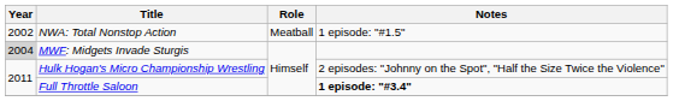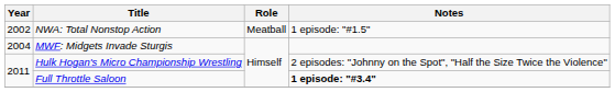 <table class="wikitable" style="font-size: 90%;">
 <tr>
 <th>Year</th>
 <th>Title</th>
 <th>Role</th>
 <th>Notes</th>
 </tr>
 <tr>
 <td rowspan="1">2002</td>
 <td><em>NWA: Total Nonstop Action</em></td>
 <td>Meatball</td>
 <td>1 episode: "#1.5"</td>
 </tr>
 <tr>
-<td rowspan="1" style="background: lightgrey;">2004</td>
+<td rowspan="1">2004</td>
 <td><em><a href='#'>MWF</a>: Midgets Invade Sturgis</em></td>
 <td rowspan="3">Himself</td>
 <td></td>
 </tr>
 <tr>
 <td rowspan="2">2011</td>
 <td><em><a href='#'>Hulk Hogan's Micro Championship Wrestling</a></em></td>
 <td>2 episodes: "Johnny on the Spot", "Half the Size Twice the Violence"</td>
 </tr>
 <tr>
 <td><em><a href='#'>Full Throttle Saloon</a></em></td>
 <td><strong>1 episode: "#3.4"</strong></td>
 </tr>
 <tr>
 </tr>
 </table>
